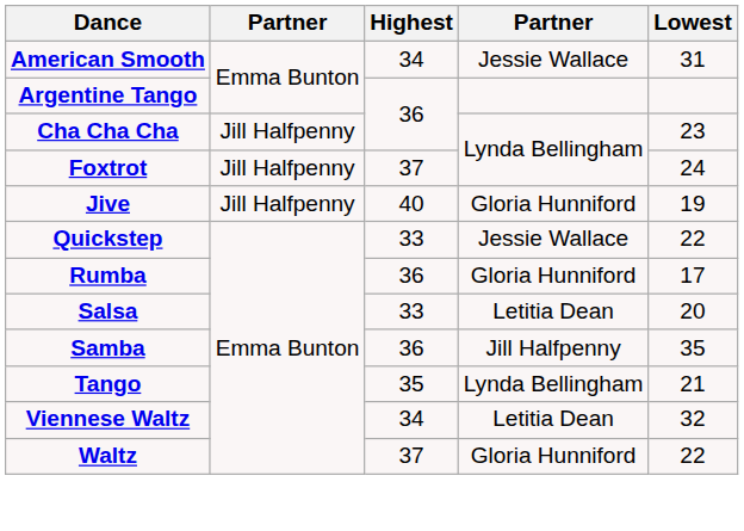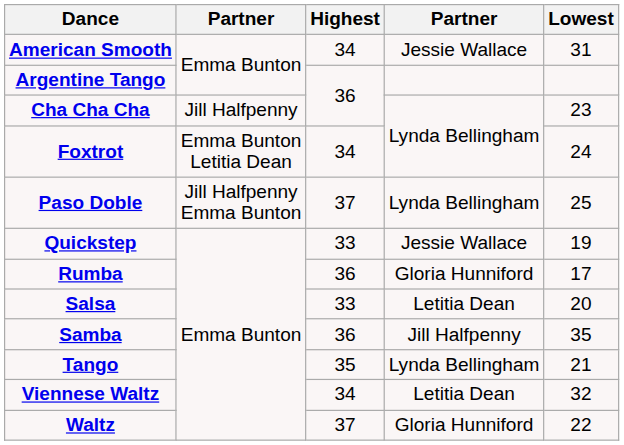 <table class="wikitable sortable collapsed">
 <tr style="text-align:Center; background:#cc;">
 <th>Dance</th>
 <th>Partner</th>
 <th>Highest</th>
 <th>Partner</th>
 <th>Lowest</th>
 </tr>
 <tr style="text-align: center; background:#faf6f6;#">
 <td><strong><a href='#'>American Smooth</a></strong></td>
 <td rowspan="2">Emma Bunton</td>
 <td>34</td>
 <td>Jessie Wallace</td>
 <td>31</td>
 </tr>
 <tr style="text-align: center; background:#faf6f6;#">
 <td><strong><a href='#'>Argentine Tango</a></strong></td>
 <td rowspan="2">36</td>
 <td></td>
 <td></td>
 </tr>
 <tr style="text-align: center; background:#faf6f6;">
 <td><strong><a href='#'>Cha Cha Cha</a></strong></td>
 <td>Jill Halfpenny</td>
 <td rowspan="2">Lynda Bellingham</td>
 <td>23</td>
 </tr>
 <tr style="text-align: center; background:#faf6f6;">
 <td><strong><a href='#'>Foxtrot</a></strong></td>
-<td>Jill Halfpenny</td>
-<td>37</td>
+<td>Emma Bunton<br>Letitia Dean</td>
+<td>34</td>
 <td>24</td>
 </tr>
 <tr style="text-align: center; background:#faf6f6;">
-<td><strong><a href='#'>Jive</a></strong></td>
-<td>Jill Halfpenny</td>
-<td>40</td>
-<td>Gloria Hunniford</td>
-<td>19</td>
+<td><strong><a href='#'>Paso Doble</a></strong></td>
+<td>Jill Halfpenny<br>Emma Bunton</td>
+<td>37</td>
+<td>Lynda Bellingham</td>
+<td>25</td>
 </tr>
 <tr style="text-align: center; background:#faf6f6;">
 <td><strong><a href='#'>Quickstep</a></strong></td>
 <td rowspan="7">Emma Bunton</td>
 <td>33</td>
 <td>Jessie Wallace</td>
-<td>22</td>
+<td>19</td>
 </tr>
 <tr style="text-align: center; background:#faf6f6;">
 <td><strong><a href='#'>Rumba</a></strong></td>
 <td>36</td>
 <td>Gloria Hunniford</td>
 <td>17</td>
 </tr>
 <tr style="text-align: center; background:#faf6f6;">
 <td><strong><a href='#'>Salsa</a></strong></td>
 <td>33</td>
 <td>Letitia Dean</td>
 <td>20</td>
 </tr>
 <tr style="text-align: center; background:#faf6f6;">
 <td><strong><a href='#'>Samba</a></strong></td>
 <td>36</td>
 <td>Jill Halfpenny</td>
 <td>35</td>
 </tr>
 <tr style="text-align: center; background:#faf6f6;">
 <td><strong><a href='#'>Tango</a></strong></td>
 <td>35</td>
 <td>Lynda Bellingham</td>
 <td>21</td>
 </tr>
 <tr style="text-align: center; background:#faf6f6;">
 <td><strong><a href='#'>Viennese Waltz</a></strong></td>
 <td>34</td>
 <td>Letitia Dean</td>
 <td>32</td>
 </tr>
 <tr style="text-align: center; background:#faf6f6;">
 <td><strong><a href='#'>Waltz</a></strong></td>
 <td>37</td>
 <td>Gloria Hunniford</td>
 <td>22</td>
 </tr>
 </table>
